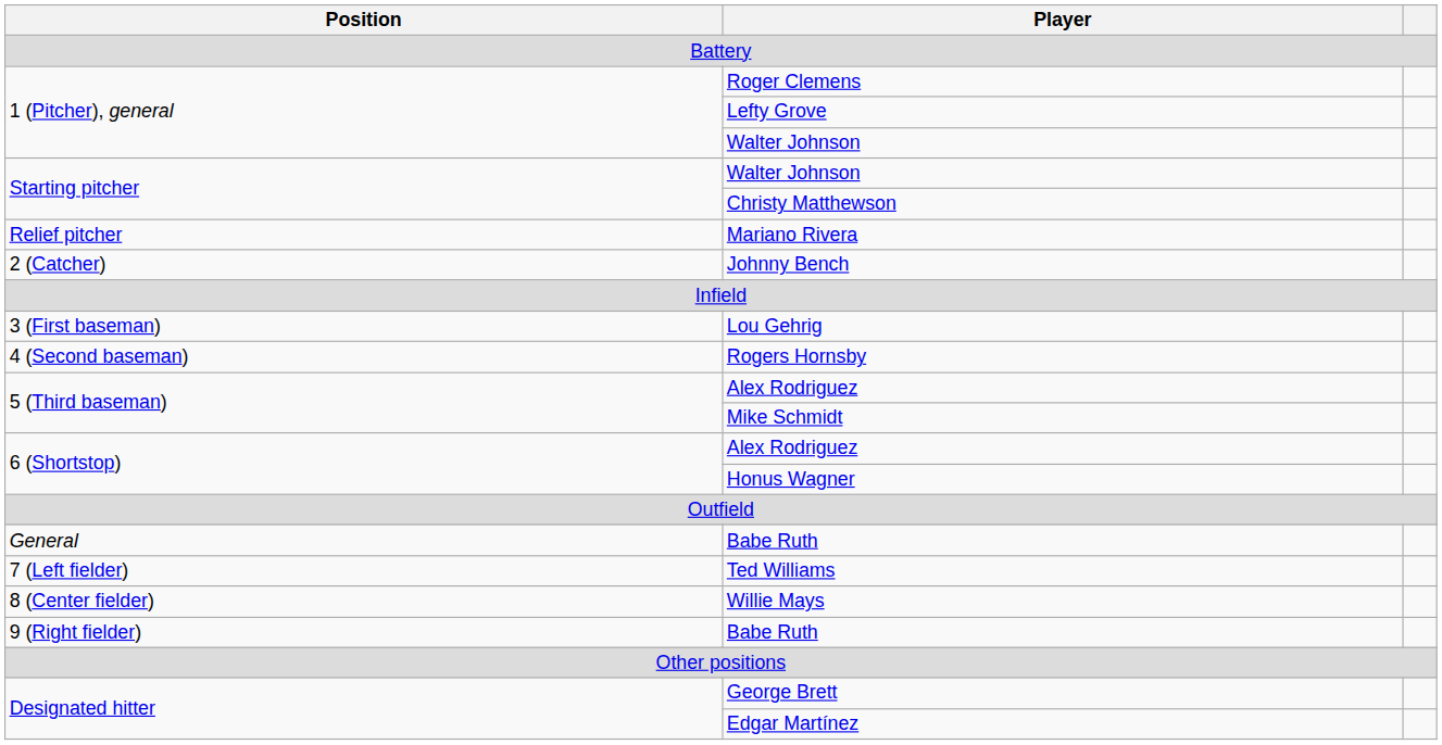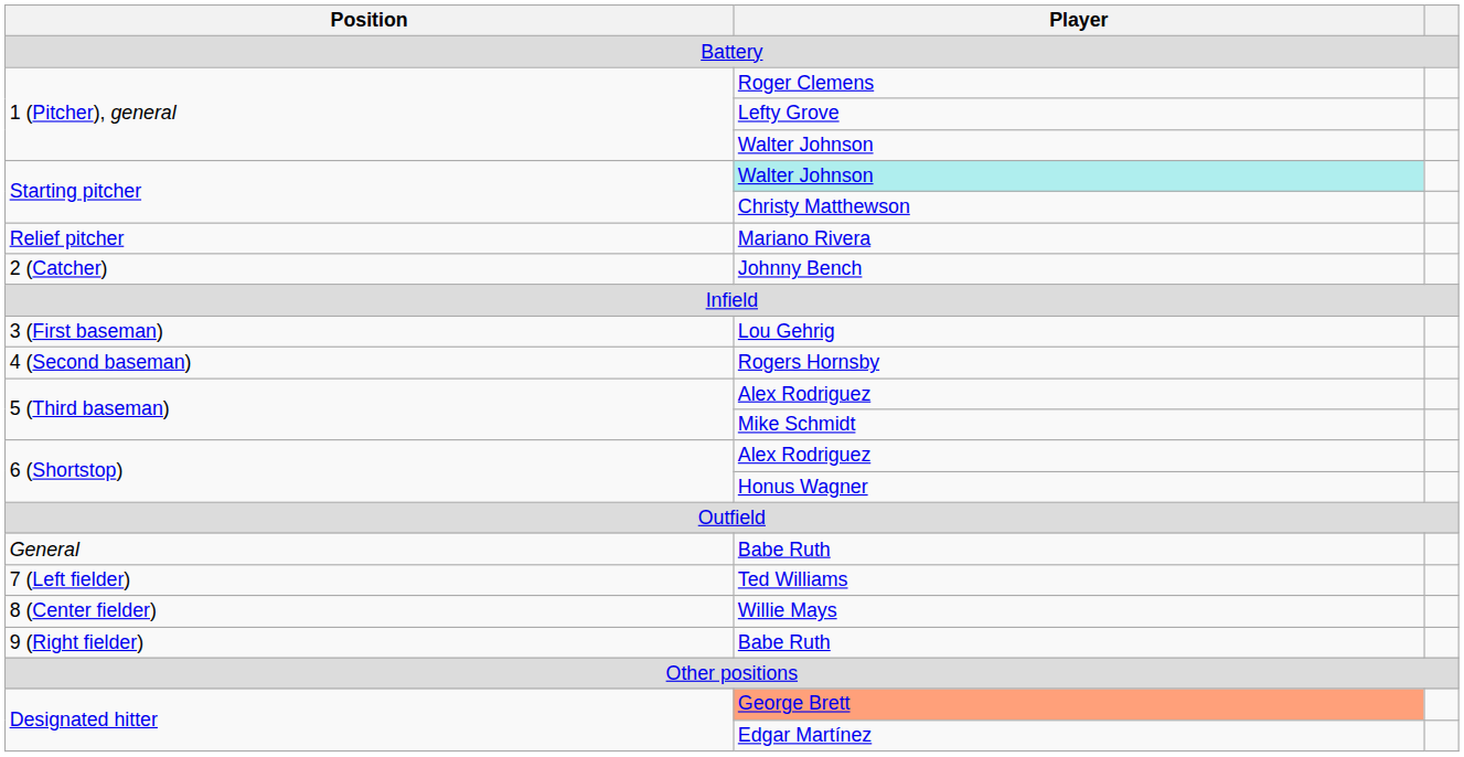 <table class="wikitable mw-collapsible mw-uncollapsed" style="width:75%;">
 <tr>
 <th>Position</th>
 <th>Player</th>
 <th></th>
 </tr>
 <tr>
 <td align="center" colspan="3" style="background:#DCDCDC;"><a href='#'>Battery</a></td>
 </tr>
 <tr>
 <td rowspan="3">1 (<a href='#'>Pitcher</a>), <em>general</em></td>
 <td><a href='#'>Roger Clemens</a></td>
 <td></td>
 </tr>
 <tr>
 <td><a href='#'>Lefty Grove</a></td>
 <td></td>
 </tr>
 <tr>
 <td><a href='#'>Walter Johnson</a></td>
 <td></td>
 </tr>
 <tr>
 <td rowspan="2"><a href='#'>Starting pitcher</a></td>
-<td><a href='#'>Walter Johnson</a></td>
+<td style="background: paleturquoise;"><a href='#'>Walter Johnson</a></td>
 <td></td>
 </tr>
 <tr>
 <td><a href='#'>Christy Matthewson</a></td>
 <td></td>
 </tr>
 <tr>
 <td><a href='#'>Relief pitcher</a></td>
 <td><a href='#'>Mariano Rivera</a></td>
 <td></td>
 </tr>
 <tr>
 <td>2 (<a href='#'>Catcher</a>)</td>
 <td><a href='#'>Johnny Bench</a></td>
 <td></td>
 </tr>
 <tr>
 <td align="center" colspan="3" style="background:#DCDCDC;"><a href='#'>Infield</a></td>
 </tr>
 <tr>
 <td>3 (<a href='#'>First baseman</a>)</td>
 <td><a href='#'>Lou Gehrig</a></td>
 <td></td>
 </tr>
 <tr>
 <td>4 (<a href='#'>Second baseman</a>)</td>
 <td><a href='#'>Rogers Hornsby</a></td>
 <td></td>
 </tr>
 <tr>
 <td rowspan="2">5 (<a href='#'>Third baseman</a>)</td>
 <td><a href='#'>Alex Rodriguez</a></td>
 <td></td>
 </tr>
 <tr>
 <td><a href='#'>Mike Schmidt</a></td>
 <td></td>
 </tr>
 <tr>
 <td rowspan="2">6 (<a href='#'>Shortstop</a>)</td>
 <td><a href='#'>Alex Rodriguez</a></td>
 <td></td>
 </tr>
 <tr>
 <td><a href='#'>Honus Wagner</a></td>
 <td></td>
 </tr>
 <tr>
 <td align="center" colspan="3" style="background:#DCDCDC;"><a href='#'>Outfield</a></td>
 </tr>
 <tr>
 <td><em>General</em></td>
 <td><a href='#'>Babe Ruth</a></td>
 <td></td>
 </tr>
 <tr>
 <td>7 (<a href='#'>Left fielder</a>)</td>
 <td><a href='#'>Ted Williams</a></td>
 <td></td>
 </tr>
 <tr>
 <td>8 (<a href='#'>Center fielder</a>)</td>
 <td><a href='#'>Willie Mays</a></td>
 <td></td>
 </tr>
 <tr>
 <td>9 (<a href='#'>Right fielder</a>)</td>
 <td><a href='#'>Babe Ruth</a></td>
 <td></td>
 </tr>
 <tr>
 <td align="center" colspan="3" style="background:#DCDCDC;"><a href='#'>Other positions</a></td>
 </tr>
 <tr>
 <td rowspan="2"><a href='#'>Designated hitter</a></td>
-<td><a href='#'>George Brett</a></td>
+<td style="background: lightsalmon;"><a href='#'>George Brett</a></td>
 <td></td>
 </tr>
 <tr>
 <td><a href='#'>Edgar Martínez</a></td>
 <td></td>
 </tr>
 </table>
